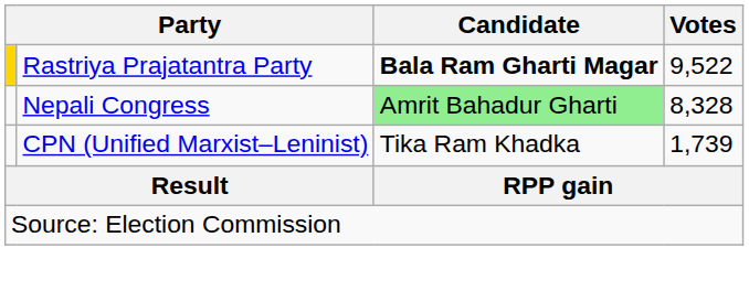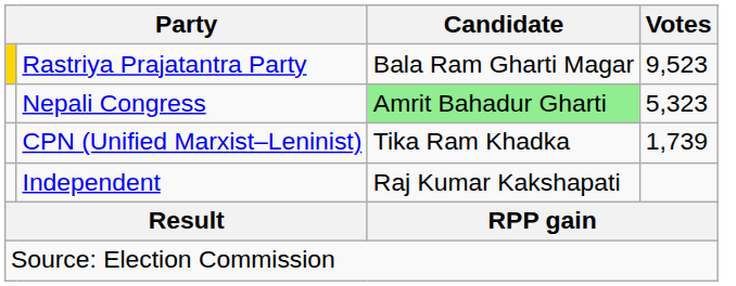 <table class="wikitable">
 <tr>
 <th colspan="2">Party</th>
 <th>Candidate</th>
 <th>Votes</th>
 </tr>
 <tr>
 <td style="background-color:gold"></td>
 <td><a href='#'>Rastriya Prajatantra Party</a></td>
-<td><strong>Bala Ram Gharti Magar</strong></td>
-<td>9,522</td>
+<td>Bala Ram Gharti Magar</td>
+<td>9,523</td>
 </tr>
 <tr>
 <td style="background-color:"></td>
 <td><a href='#'>Nepali Congress</a></td>
 <td style="background: lightgreen;">Amrit Bahadur Gharti</td>
-<td>8,328</td>
+<td>5,323</td>
 </tr>
 <tr>
 <td style="background-color:"></td>
 <td><a href='#'>CPN (Unified Marxist–Leninist)</a></td>
 <td>Tika Ram Khadka</td>
 <td>1,739</td>
+</tr>
+<tr>
+<td></td>
+<td><a href='#'>Independent</a></td>
+<td>Raj Kumar Kakshapati</td>
+<td></td>
 </tr>
 <tr>
 <th colspan="2">Result</th>
 <th colspan="2">RPP gain</th>
 </tr>
 <tr>
 <td colspan="4">Source: Election Commission</td>
 </tr>
 </table>
